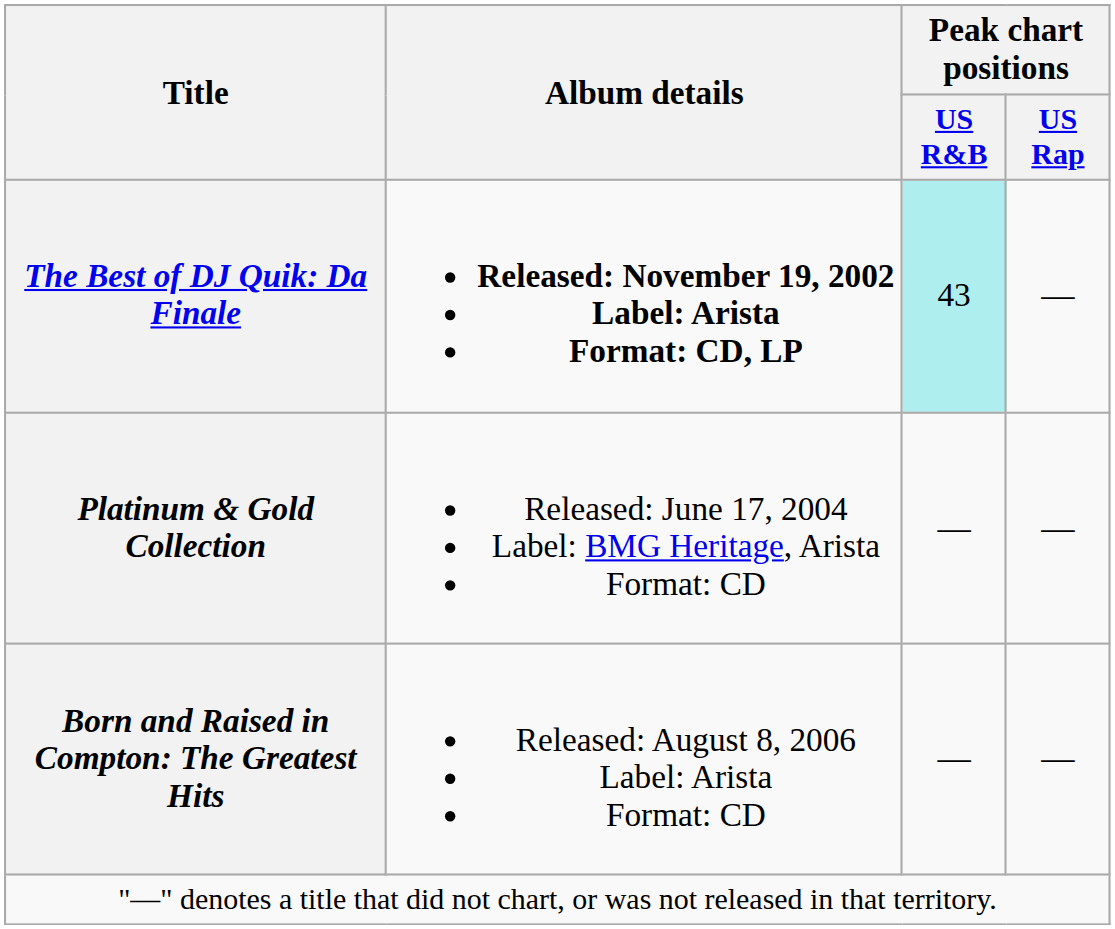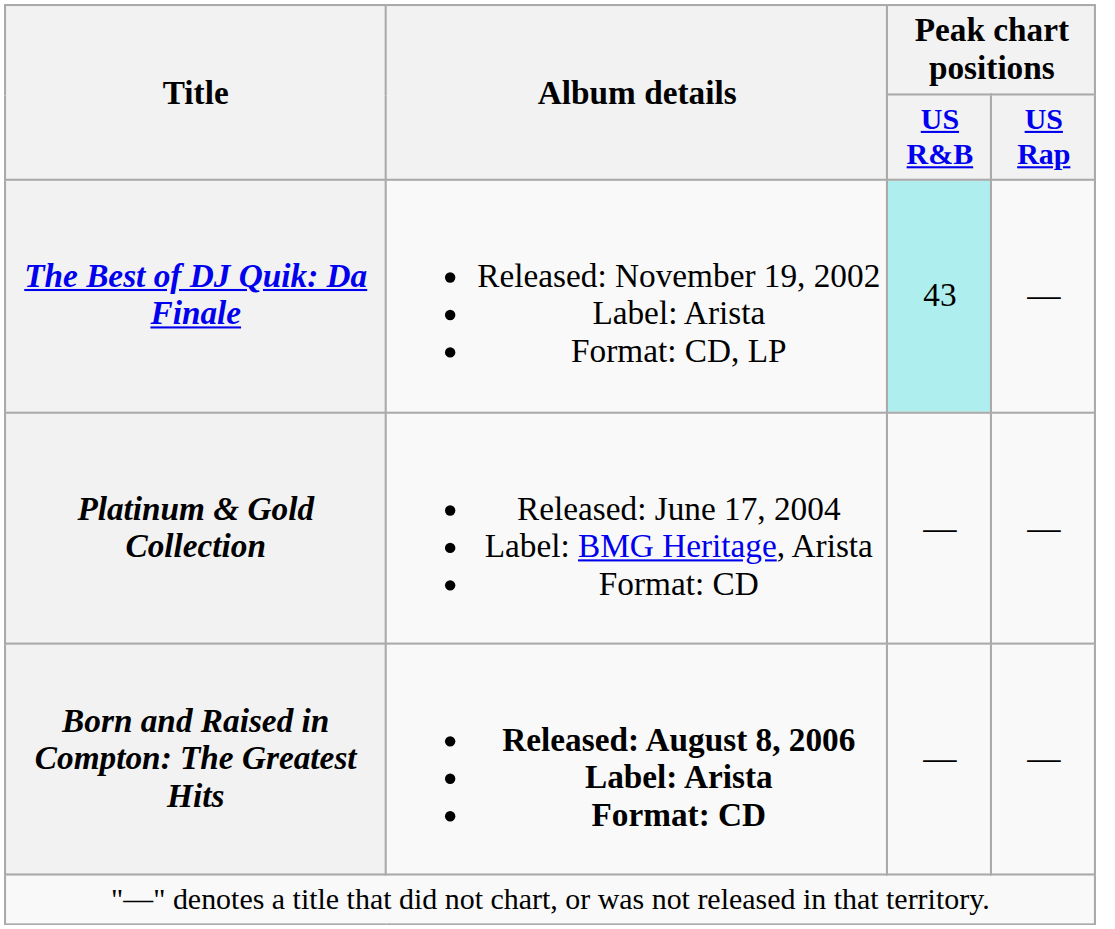 <table class="wikitable plainrowheaders" style="text-align:center;">
 <tr>
 <th scope="col" rowspan="2" style="width:11em;">Title</th>
 <th scope="col" rowspan="2">Album details</th>
 <th scope="col" colspan="6">Peak chart positions</th>
 </tr>
 <tr>
 <th scope="col" style="width:3em;font-size:90%;"><a href='#'>US R&B</a></th>
 <th scope="col" style="width:3em;font-size:90%;"><a href='#'>US Rap</a></th>
 </tr>
 <tr>
 <th scope="row"><em><a href='#'>The Best of DJ Quik: Da Finale</a></em></th>
-<td><strong><br><ul><li>Released: November 19, 2002</li><li>Label: Arista</li><li>Format: CD, LP</li></ul></strong></td>
+<td><br><ul><li>Released: November 19, 2002</li><li>Label: Arista</li><li>Format: CD, LP</li></ul></td>
 <td style="background: paleturquoise;">43</td>
 <td>—</td>
 </tr>
 <tr>
 <th scope="row"><em>Platinum & Gold Collection</em></th>
 <td><br><ul><li>Released: June 17, 2004</li><li>Label: <a href='#'>BMG Heritage</a>, Arista</li><li>Format: CD</li></ul></td>
 <td>—</td>
 <td>—</td>
 </tr>
 <tr>
 <th scope="row"><em>Born and Raised in Compton: The Greatest Hits</em></th>
-<td><br><ul><li>Released: August 8, 2006</li><li>Label: Arista</li><li>Format: CD</li></ul></td>
+<td><strong><br><ul><li>Released: August 8, 2006</li><li>Label: Arista</li><li>Format: CD</li></ul></strong></td>
 <td>—</td>
 <td>—</td>
 </tr>
 <tr>
 <td colspan="10" style="font-size:90%">"—" denotes a title that did not chart, or was not released in that territory.</td>
 </tr>
 </table>
